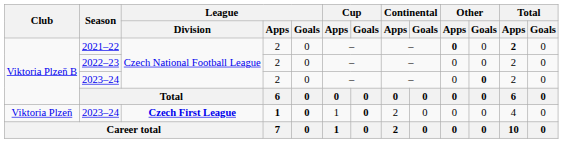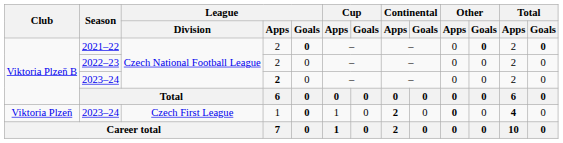 <table class=wikitable style=text-align:center>
 <tr>
 <th rowspan="2">Club</th>
 <th rowspan="2">Season</th>
 <th colspan="3">League</th>
 <th colspan="2">Cup</th>
 <th colspan="2">Continental</th>
 <th colspan="2">Other</th>
 <th colspan="2">Total</th>
 </tr>
 <tr>
 <th>Division</th>
 <th>Apps</th>
 <th>Goals</th>
 <th>Apps</th>
 <th>Goals</th>
 <th>Apps</th>
 <th>Goals</th>
 <th>Apps</th>
 <th>Goals</th>
 <th>Apps</th>
 <th>Goals</th>
 </tr>
 <tr>
 <td rowspan="4"><a href='#'>Viktoria Plzeň B</a></td>
 <td><a href='#'>2021–22</a></td>
 <td rowspan="3"><a href='#'>Czech National Football League</a></td>
 <td>2</td>
-<td>0</td>
+<td><strong>0</strong></td>
 <td colspan="2">–</td>
 <td colspan="2">–</td>
+<td>0</td>
 <td><strong>0</strong></td>
-<td>0</td>
-<td><strong>2</strong></td>
-<td>0</td>
+<td>2</td>
+<td><strong>0</strong></td>
 </tr>
 <tr>
 <td><a href='#'>2022–23</a></td>
 <td>2</td>
 <td>0</td>
 <td colspan="2">–</td>
 <td colspan="2">–</td>
 <td>0</td>
 <td>0</td>
 <td>2</td>
 <td>0</td>
 </tr>
 <tr>
 <td><a href='#'>2023–24</a></td>
-<td>2</td>
+<td><strong>2</strong></td>
 <td>0</td>
 <td colspan="2">–</td>
 <td colspan="2">–</td>
 <td>0</td>
-<td><strong>0</strong></td>
+<td>0</td>
 <td>2</td>
 <td>0</td>
 </tr>
 <tr>
 <th colspan="2"><strong>Total</strong></th>
 <th>6</th>
 <th>0</th>
 <th>0</th>
 <th>0</th>
 <th>0</th>
 <th>0</th>
 <th>0</th>
 <th>0</th>
 <th>6</th>
 <th>0</th>
 </tr>
 <tr>
 <td><a href='#'>Viktoria Plzeň</a></td>
 <td><a href='#'>2023–24</a></td>
-<td><strong><a href='#'>Czech First League</a></strong></td>
-<td><strong>1</strong></td>
+<td><a href='#'>Czech First League</a></td>
+<td>1</td>
 <td><strong>0</strong></td>
 <td>1</td>
+<td>0</td>
+<td><strong>2</strong></td>
+<td>0</td>
 <td><strong>0</strong></td>
-<td>2</td>
 <td>0</td>
-<td>0</td>
-<td>0</td>
-<td>4</td>
+<td><strong>4</strong></td>
 <td>0</td>
 </tr>
 <tr>
 <th colspan="3"><strong>Career total</strong></th>
 <th>7</th>
 <th>0</th>
 <th>1</th>
 <th>0</th>
 <th>2</th>
 <th>0</th>
 <th>0</th>
 <th>0</th>
 <th>10</th>
 <th>0</th>
 </tr>
 </table>
